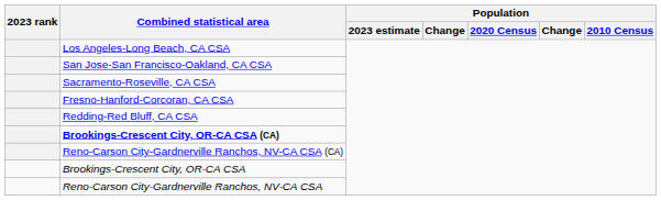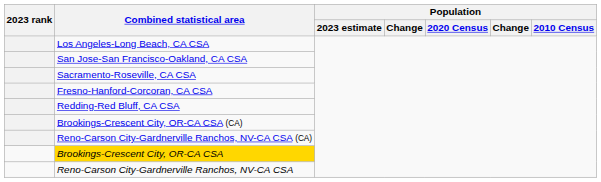 <table class="wikitable sortable">
 <tr>
 <th scope=col rowspan=2>2023 rank</th>
 <th scope=col rowspan=2><a href='#'>Combined statistical area</a></th>
 <th colspan=5>Population</th>
 </tr>
 <tr>
 <th scope=col>2023 estimate</th>
 <th scope=col>Change</th>
 <th scope=col><a href='#'>2020 Census</a></th>
 <th scope=col>Change</th>
 <th scope=col><a href='#'>2010 Census</a></th>
 </tr>
 <tr>
 <th scope=row></th>
 <td><a href='#'>Los Angeles-Long Beach, CA CSA</a><br></td>
 </tr>
 <tr>
 <th scope=row></th>
 <td><a href='#'>San Jose-San Francisco-Oakland, CA CSA</a><br></td>
 </tr>
 <tr>
 <th scope=row></th>
 <td><a href='#'>Sacramento-Roseville, CA CSA</a><br></td>
 </tr>
 <tr>
 <th scope=row></th>
 <td><a href='#'>Fresno-Hanford-Corcoran, CA CSA</a><br></td>
 </tr>
 <tr>
 <th scope=row></th>
 <td><a href='#'>Redding-Red Bluff, CA CSA</a><br></td>
 </tr>
 <tr>
 <th scope=row></th>
-<td><strong><a href='#'>Brookings-Crescent City, OR-CA CSA</a> <small>(CA)</small><br></strong></td>
+<td><a href='#'>Brookings-Crescent City, OR-CA CSA</a> <small>(CA)</small><br></td>
 </tr>
 <tr>
 <th scope=row></th>
 <td><a href='#'>Reno-Carson City-Gardnerville Ranchos, NV-CA CSA</a> <small>(CA)</small><br></td>
 </tr>
 <tr>
 <td></td>
-<td><em><span>Brookings-Crescent City, OR-CA CSA</span></em><br></td>
+<td style="background: gold;"><em><span>Brookings-Crescent City, OR-CA CSA</span></em><br></td>
 </tr>
 <tr>
 <td></td>
 <td><em><span>Reno-Carson City-Gardnerville Ranchos, NV-CA CSA</span></em><br></td>
 </tr>
 </table>
